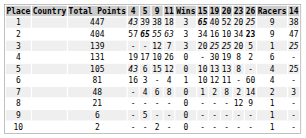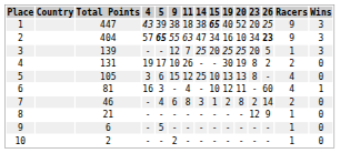 <table border="0" style="border: 1px solid #999; background-color:#FFFFFF; text-align:center">
 <tr align="center" bgcolor="#CCCCCC">
 <th>Place</th>
 <th>Country</th>
 <th>Total Points</th>
 <th>4</th>
 <th>5</th>
 <th>9</th>
 <th>11</th>
-<th>Wins</th>
+<th>14</th>
 <th>15</th>
 <th>19</th>
 <th>20</th>
 <th>23</th>
 <th>26</th>
 <th>Racers</th>
-<th>14</th>
+<th>Wins</th>
 </tr>
 <tr bgcolor="#EFEFEF">
 <td>1</td>
 <td align="left"></td>
 <td>447</td>
 <td><em>43</em></td>
 <td>39</td>
 <td>38</td>
 <td>18</td>
-<td>3</td>
+<td>38</td>
 <td><strong><em>65</em></strong></td>
 <td>40</td>
 <td>52</td>
 <td>20</td>
 <td><em>25</em></td>
 <td>9</td>
-<td>38</td>
+<td>3</td>
 </tr>
 <tr>
 <td>2</td>
 <td align="left"></td>
 <td>404</td>
 <td>57</td>
 <td><strong><em>65</em></strong></td>
 <td><em>55</em></td>
 <td><em>63</em></td>
-<td>3</td>
+<td>47</td>
 <td>34</td>
 <td>16</td>
 <td>10</td>
 <td>34</td>
 <td><strong>23</strong></td>
 <td>9</td>
-<td>47</td>
+<td>3</td>
 </tr>
 <tr bgcolor="#EFEFEF">
 <td>3</td>
 <td align="left"></td>
 <td>139</td>
 <td>-</td>
 <td>-</td>
 <td>12</td>
 <td>7</td>
-<td>3</td>
+<td><em>25</em></td>
 <td>20</td>
 <td><em>25</em></td>
 <td><em>25</em></td>
 <td>20</td>
 <td>5</td>
 <td>1</td>
-<td><em>25</em></td>
+<td>3</td>
 </tr>
 <tr>
 <td>4</td>
 <td align="left"></td>
 <td>131</td>
 <td>19</td>
 <td>17</td>
 <td>10</td>
 <td>26</td>
-<td>0</td>
+<td>-</td>
 <td>-</td>
 <td>30</td>
 <td>19</td>
 <td>8</td>
 <td>2</td>
-<td>6</td>
-<td>-</td>
+<td>2</td>
+<td>0</td>
 </tr>
 <tr bgcolor="#EFEFEF">
 <td>5</td>
 <td align="left"></td>
 <td>105</td>
-<td><em>43</em></td>
+<td>3</td>
 <td>6</td>
 <td>15</td>
 <td>12</td>
-<td>0</td>
+<td>25</td>
 <td>10</td>
 <td>13</td>
 <td>13</td>
 <td>8</td>
 <td>-</td>
 <td>4</td>
-<td>25</td>
+<td>0</td>
 </tr>
 <tr>
 <td>6</td>
 <td align="left"></td>
 <td>81</td>
 <td>16</td>
 <td>3</td>
 <td>-</td>
 <td>4</td>
-<td>1</td>
+<td>-</td>
 <td>10</td>
 <td>12</td>
 <td>11</td>
 <td>-</td>
 <td>60</td>
 <td>4</td>
-<td>-</td>
+<td>1</td>
 </tr>
 <tr bgcolor="#EFEFEF">
 <td>7</td>
 <td align="left"></td>
-<td>48</td>
+<td>46</td>
 <td>-</td>
 <td>4</td>
 <td>6</td>
 <td>8</td>
-<td>0</td>
+<td>3</td>
 <td>1</td>
 <td>2</td>
 <td>8</td>
 <td>2</td>
 <td>14</td>
 <td>2</td>
-<td>3</td>
+<td>0</td>
 </tr>
 <tr>
 <td>8</td>
 <td align="left"></td>
 <td>21</td>
 <td>-</td>
 <td>-</td>
 <td>-</td>
 <td>-</td>
-<td>0</td>
+<td>-</td>
 <td>-</td>
 <td>-</td>
 <td>-</td>
 <td>12</td>
 <td>9</td>
 <td>1</td>
-<td>-</td>
+<td>0</td>
 </tr>
 <tr bgcolor="#EFEFEF">
 <td>9</td>
 <td align="left"></td>
 <td>6</td>
 <td>-</td>
 <td>5</td>
 <td>-</td>
 <td>-</td>
-<td>0</td>
+<td>-</td>
 <td>-</td>
 <td>-</td>
 <td>-</td>
 <td>-</td>
 <td>-</td>
 <td>1</td>
-<td>-</td>
+<td>0</td>
 </tr>
 <tr>
 <td>10</td>
 <td align="left"></td>
 <td>2</td>
 <td>-</td>
 <td>-</td>
 <td>2</td>
 <td>-</td>
-<td>0</td>
+<td>-</td>
 <td>-</td>
 <td>-</td>
 <td>-</td>
 <td>-</td>
 <td>-</td>
 <td>1</td>
-<td>-</td>
+<td>0</td>
 </tr>
 </table>
